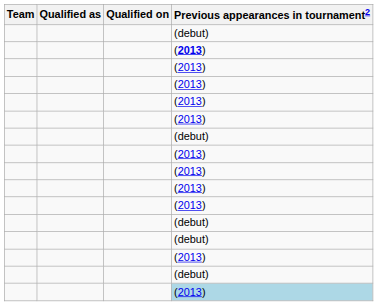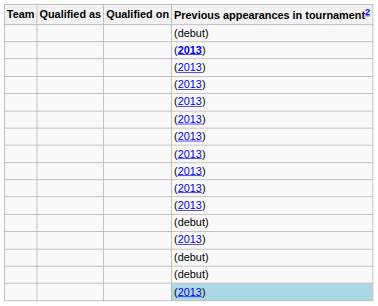 <table class="wikitable sortable" style="text-align:left;">
 <tr>
 <th>Team</th>
 <th>Qualified as</th>
 <th>Qualified on</th>
 <th>Previous appearances in tournament<sup><strong><a href='#'>2</a></strong></sup></th>
 </tr>
 <tr>
 <td></td>
 <td></td>
 <td></td>
 <td> (debut)</td>
 </tr>
 <tr>
 <td></td>
 <td></td>
 <td></td>
 <td> (<strong><a href='#'>2013</a></strong>)</td>
 </tr>
 <tr>
 <td></td>
 <td></td>
 <td></td>
 <td> (<a href='#'>2013</a>)</td>
 </tr>
 <tr>
 <td></td>
 <td></td>
 <td></td>
 <td> (<a href='#'>2013</a>)</td>
 </tr>
 <tr>
 <td></td>
 <td></td>
 <td></td>
 <td> (<a href='#'>2013</a>)</td>
 </tr>
 <tr>
 <td></td>
 <td></td>
 <td></td>
 <td> (<a href='#'>2013</a>)</td>
 </tr>
 <tr>
 <td></td>
 <td></td>
 <td></td>
-<td> (debut)</td>
+<td> (<a href='#'>2013</a>)</td>
 </tr>
 <tr>
 <td></td>
 <td></td>
 <td></td>
 <td> (<a href='#'>2013</a>)</td>
 </tr>
 <tr>
 <td></td>
 <td></td>
 <td></td>
 <td> (<a href='#'>2013</a>)</td>
 </tr>
 <tr>
 <td></td>
 <td></td>
 <td></td>
 <td> (<a href='#'>2013</a>)</td>
 </tr>
 <tr>
 <td></td>
 <td></td>
 <td></td>
 <td> (<a href='#'>2013</a>)</td>
 </tr>
 <tr>
 <td></td>
 <td></td>
 <td></td>
 <td> (debut)</td>
 </tr>
 <tr>
 <td></td>
 <td></td>
 <td></td>
-<td> (debut)</td>
+<td> (<a href='#'>2013</a>)</td>
 </tr>
 <tr>
 <td></td>
 <td></td>
 <td></td>
-<td> (<a href='#'>2013</a>)</td>
+<td> (debut)</td>
 </tr>
 <tr>
 <td></td>
 <td></td>
 <td></td>
 <td> (debut)</td>
 </tr>
 <tr>
 <td></td>
 <td></td>
 <td></td>
 <td style="background: lightblue;"> (<a href='#'>2013</a>)</td>
 </tr>
 </table>
